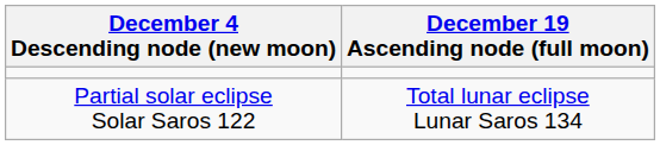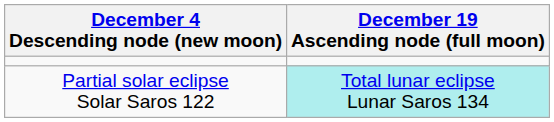 <table class="wikitable">
 <tr>
 <th><a href='#'>December 4</a><br>Descending node (new moon)<br></th>
 <th><a href='#'>December 19</a><br>Ascending node (full moon)</th>
 </tr>
 <tr>
 <td></td>
 <td></td>
 </tr>
 <tr align=center>
 <td><a href='#'>Partial solar eclipse</a><br>Solar Saros 122</td>
-<td><a href='#'>Total lunar eclipse</a><br>Lunar Saros 134</td>
+<td style="background: paleturquoise;"><a href='#'>Total lunar eclipse</a><br>Lunar Saros 134</td>
 </tr>
 </table>
